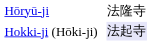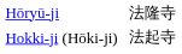 <table>
 <tr>
 <td><a href='#'>Hōryū-ji</a></td>
 <td>法隆寺</td>
 </tr>
 <tr>
 <td><a href='#'>Hokki-ji</a> (Hōki-ji)  </td>
-<td style="background: lavender;">法起寺</td>
+<td>法起寺</td>
 </tr>
 </table>
